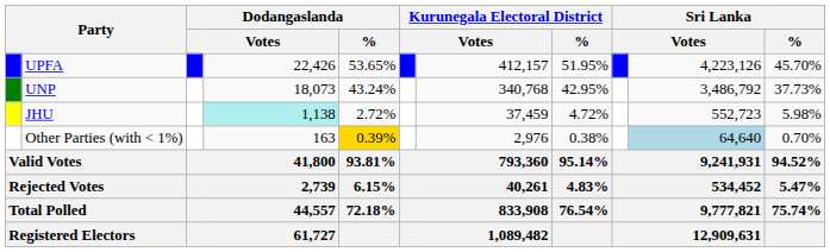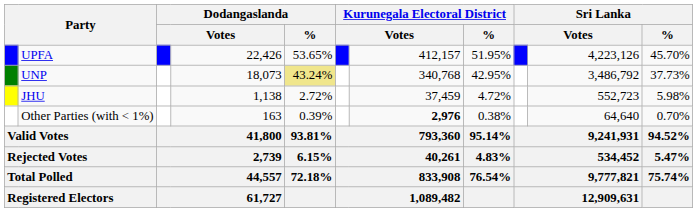 <table class="wikitable">
 <tr>
 <th colspan="2" width="144px"rowspan="2">Party</th>
 <th colspan="3" width="216px">Dodangaslanda</th>
 <th colspan="3" width="216px"><a href='#'>Kurunegala Electoral District</a></th>
 <th colspan="3" width="216px">Sri Lanka</th>
 </tr>
 <tr>
 <th colspan="2" width="144px">Votes</th>
 <th>%</th>
 <th colspan="2" width="144px">Votes</th>
 <th>%</th>
 <th colspan="2" width="144px">Votes</th>
 <th>%</th>
 </tr>
 <tr>
 <td style="background-color:blue;" width="10px"></td>
 <td style="text-align:left;"><a href='#'>UPFA</a></td>
 <td style="background-color:blue;" width="10px"></td>
 <td style="text-align:right;">22,426</td>
 <td style="text-align:right;">53.65%</td>
 <td style="background-color:blue;" width="10px"></td>
 <td style="text-align:right;">412,157</td>
 <td style="text-align:right;">51.95%</td>
 <td style="background-color:blue;" width="10px"></td>
 <td style="text-align:right;">4,223,126</td>
 <td style="text-align:right;">45.70%</td>
 </tr>
 <tr>
 <td style="background-color:green;" width="10px"></td>
 <td style="text-align:left;"><a href='#'>UNP</a></td>
 <td style="background-color:white;" width="10px"></td>
 <td style="text-align:right;">18,073</td>
-<td style="text-align:right;">43.24%</td>
+<td style="background: khaki; text-align:right;">43.24%</td>
 <td style="background-color:white;" width="10px"></td>
 <td style="text-align:right;">340,768</td>
 <td style="text-align:right;">42.95%</td>
 <td style="background-color:white;" width="10px"></td>
 <td style="text-align:right;">3,486,792</td>
 <td style="text-align:right;">37.73%</td>
 </tr>
 <tr>
 <td style="background-color:yellow;" width="10px"></td>
 <td style="text-align:left;"><a href='#'>JHU</a></td>
 <td style="background-color:white;" width="10px"></td>
-<td style="background: paleturquoise; text-align:right;">1,138</td>
+<td style="text-align:right;">1,138</td>
 <td style="text-align:right;">2.72%</td>
 <td style="background-color:white;" width="10px"></td>
 <td style="text-align:right;">37,459</td>
 <td style="text-align:right;">4.72%</td>
 <td style="background-color:white;" width="10px"></td>
 <td style="text-align:right;">552,723</td>
 <td style="text-align:right;">5.98%</td>
 </tr>
 <tr>
 <td style="background-color:white;" width="10px"></td>
 <td style="text-align:left;">Other Parties (with < 1%)</td>
 <td style="background-color:white;" width="10px"></td>
 <td style="text-align:right;">163</td>
-<td style="background: gold; text-align:right;">0.39%</td>
+<td style="text-align:right;">0.39%</td>
 <td style="background-color:white;" width="10px"></td>
-<td style="text-align:right;">2,976</td>
+<td style="text-align:right;"><strong>2,976</strong></td>
 <td style="text-align:right;">0.38%</td>
 <td style="background-color:white;" width="10px"></td>
-<td style="background: lightblue; text-align:right;">64,640</td>
+<td style="text-align:right;">64,640</td>
 <td style="text-align:right;">0.70%</td>
 </tr>
 <tr>
 <th colspan="2" width="144px"style="text-align:left;">Valid Votes</th>
 <th style="text-align:right;"colspan="2" width="144px">41,800</th>
 <th style="text-align:right;">93.81%</th>
 <th style="text-align:right;"colspan="2" width="144px">793,360</th>
 <th style="text-align:right;">95.14%</th>
 <th style="text-align:right;"colspan="2" width="144px">9,241,931</th>
 <th style="text-align:right;">94.52%</th>
 </tr>
 <tr>
 <th colspan="2" width="144px"style="text-align:left;">Rejected Votes</th>
 <th style="text-align:right;"colspan="2" width="144px">2,739</th>
 <th style="text-align:right;">6.15%</th>
 <th style="text-align:right;"colspan="2" width="144px">40,261</th>
 <th style="text-align:right;">4.83%</th>
 <th style="text-align:right;"colspan="2" width="144px">534,452</th>
 <th style="text-align:right;">5.47%</th>
 </tr>
 <tr>
 <th colspan="2" width="144px"style="text-align:left;">Total Polled</th>
 <th style="text-align:right;"colspan="2" width="144px">44,557</th>
 <th style="text-align:right;">72.18%</th>
 <th style="text-align:right;"colspan="2" width="144px">833,908</th>
 <th style="text-align:right;">76.54%</th>
 <th style="text-align:right;"colspan="2" width="144px">9,777,821</th>
 <th style="text-align:right;">75.74%</th>
 </tr>
 <tr>
 <th colspan="2" width="144px"style="text-align:left;">Registered Electors</th>
 <th style="text-align:right;"colspan="2" width="144px">61,727</th>
 <th></th>
 <th style="text-align:right;"colspan="2" width="144px">1,089,482</th>
 <th></th>
 <th style="text-align:right;"colspan="2" width="144px">12,909,631</th>
 <th></th>
 </tr>
 </table>
